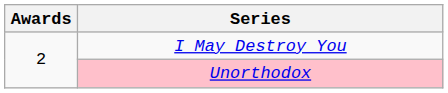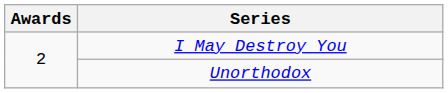 <table class="wikitable" rowspan=2 border=2 style="text-align:center;">
 <tr>
 <th scope="col" width="50">Awards</th>
 <th scope="col" width="275">Series</th>
 </tr>
 <tr>
 <td rowspan=2 style="text-align:center;">2</td>
 <td><em><a href='#'>I May Destroy You</a></em></td>
 </tr>
 <tr>
-<td style="background: pink;"><em><a href='#'>Unorthodox</a></em></td>
+<td><em><a href='#'>Unorthodox</a></em></td>
 </tr>
 </table>
